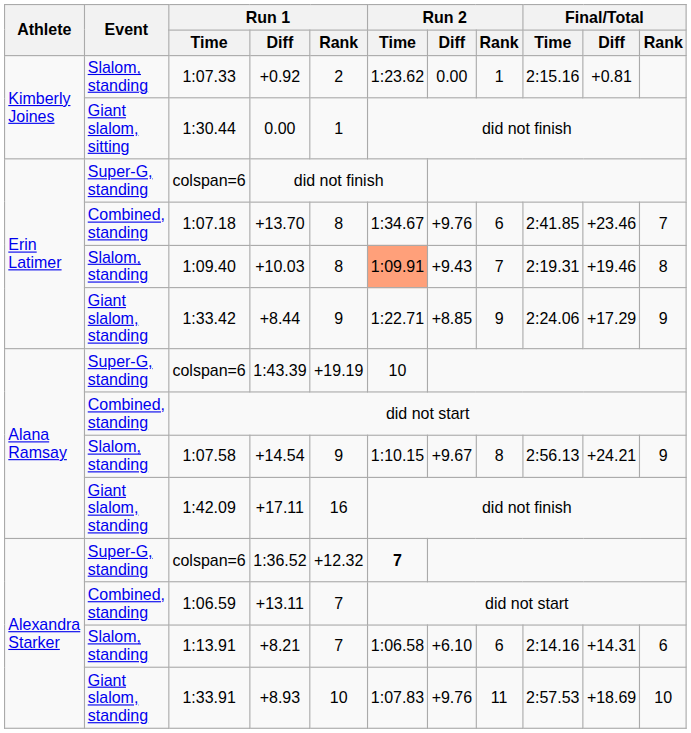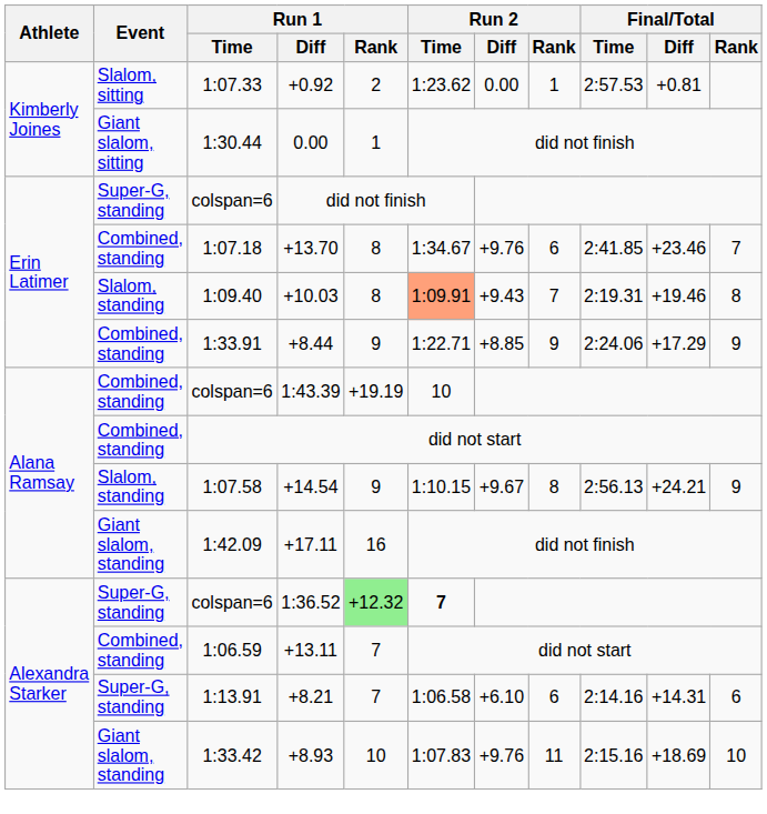 <table class="wikitable" style="font-size:90%">
 <tr>
 <th rowspan="2">Athlete</th>
 <th rowspan="2">Event</th>
 <th colspan="3">Run 1</th>
 <th colspan="3">Run 2</th>
 <th colspan="3">Final/Total</th>
 </tr>
 <tr>
 <th>Time</th>
 <th>Diff</th>
 <th>Rank</th>
 <th>Time</th>
 <th>Diff</th>
 <th>Rank</th>
 <th>Time</th>
 <th>Diff</th>
 <th>Rank</th>
 </tr>
 <tr>
 <td rowspan=2><a href='#'>Kimberly Joines</a></td>
-<td><a href='#'>Slalom, standing</a></td>
+<td><a href='#'>Slalom, sitting</a></td>
 <td align="center">1:07.33</td>
 <td align="center">+0.92</td>
 <td align="center">2</td>
 <td align="center">1:23.62</td>
 <td align="center">0.00</td>
 <td align="center">1</td>
-<td align="center">2:15.16</td>
+<td align="center">2:57.53</td>
 <td align="center">+0.81</td>
 <td align="center"></td>
 </tr>
 <tr>
 <td><a href='#'>Giant slalom, sitting</a></td>
 <td align="center">1:30.44</td>
 <td align="center">0.00</td>
 <td align="center">1</td>
 <td colspan=6 align="center">did not finish</td>
 </tr>
 <tr>
 <td rowspan=4><a href='#'>Erin Latimer</a></td>
 <td><a href='#'>Super-G, standing</a></td>
 <td>colspan=6 </td>
 <td colspan=3 align="center">did not finish</td>
 </tr>
 <tr>
 <td><a href='#'>Combined, standing</a></td>
 <td align="center">1:07.18</td>
 <td align="center">+13.70</td>
 <td align="center">8</td>
 <td align="center">1:34.67</td>
 <td align="center">+9.76</td>
 <td align="center">6</td>
 <td align="center">2:41.85</td>
 <td align="center">+23.46</td>
 <td align="center">7</td>
 </tr>
 <tr>
 <td><a href='#'>Slalom, standing</a></td>
 <td align="center">1:09.40</td>
 <td align="center">+10.03</td>
 <td align="center">8</td>
 <td align="center" style="background: lightsalmon;">1:09.91</td>
 <td align="center">+9.43</td>
 <td align="center">7</td>
 <td align="center">2:19.31</td>
 <td align="center">+19.46</td>
 <td align="center">8</td>
 </tr>
 <tr>
-<td><a href='#'>Giant slalom, standing</a></td>
-<td align="center">1:33.42</td>
+<td><a href='#'>Combined, standing</a></td>
+<td align="center">1:33.91</td>
 <td align="center">+8.44</td>
 <td align="center">9</td>
 <td align="center">1:22.71</td>
 <td align="center">+8.85</td>
 <td align="center">9</td>
 <td align="center">2:24.06</td>
 <td align="center">+17.29</td>
 <td align="center">9</td>
 </tr>
 <tr>
 <td rowspan=4><a href='#'>Alana Ramsay</a></td>
-<td><a href='#'>Super-G, standing</a></td>
+<td><a href='#'>Combined, standing</a></td>
 <td>colspan=6 </td>
 <td align="center">1:43.39</td>
 <td align="center">+19.19</td>
 <td align="center">10</td>
 </tr>
 <tr>
 <td><a href='#'>Combined, standing</a></td>
 <td colspan=9 align="center">did not start</td>
 </tr>
 <tr>
 <td><a href='#'>Slalom, standing</a></td>
 <td align="center">1:07.58</td>
 <td align="center">+14.54</td>
 <td align="center">9</td>
 <td align="center">1:10.15</td>
 <td align="center">+9.67</td>
 <td align="center">8</td>
 <td align="center">2:56.13</td>
 <td align="center">+24.21</td>
 <td align="center">9</td>
 </tr>
 <tr>
 <td><a href='#'>Giant slalom, standing</a></td>
 <td align="center">1:42.09</td>
 <td align="center">+17.11</td>
 <td align="center">16</td>
 <td colspan=6 align="center">did not finish</td>
 </tr>
 <tr>
 <td rowspan=4><a href='#'>Alexandra Starker</a></td>
 <td><a href='#'>Super-G, standing</a></td>
 <td>colspan=6 </td>
 <td align="center">1:36.52</td>
-<td align="center">+12.32</td>
+<td align="center" style="background: lightgreen;">+12.32</td>
 <td align="center"><strong>7</strong></td>
 </tr>
 <tr>
 <td><a href='#'>Combined, standing</a></td>
 <td align="center">1:06.59</td>
 <td align="center">+13.11</td>
 <td align="center">7</td>
 <td colspan=6 align="center">did not start</td>
 </tr>
 <tr>
-<td><a href='#'>Slalom, standing</a></td>
+<td><a href='#'>Super-G, standing</a></td>
 <td align="center">1:13.91</td>
 <td align="center">+8.21</td>
 <td align="center">7</td>
 <td align="center">1:06.58</td>
 <td align="center">+6.10</td>
 <td align="center">6</td>
 <td align="center">2:14.16</td>
 <td align="center">+14.31</td>
 <td align="center">6</td>
 </tr>
 <tr>
 <td><a href='#'>Giant slalom, standing</a></td>
-<td align="center">1:33.91</td>
+<td align="center">1:33.42</td>
 <td align="center">+8.93</td>
 <td align="center">10</td>
 <td align="center">1:07.83</td>
 <td align="center">+9.76</td>
 <td align="center">11</td>
-<td align="center">2:57.53</td>
+<td align="center">2:15.16</td>
 <td align="center">+18.69</td>
 <td align="center">10</td>
 </tr>
 </table>
